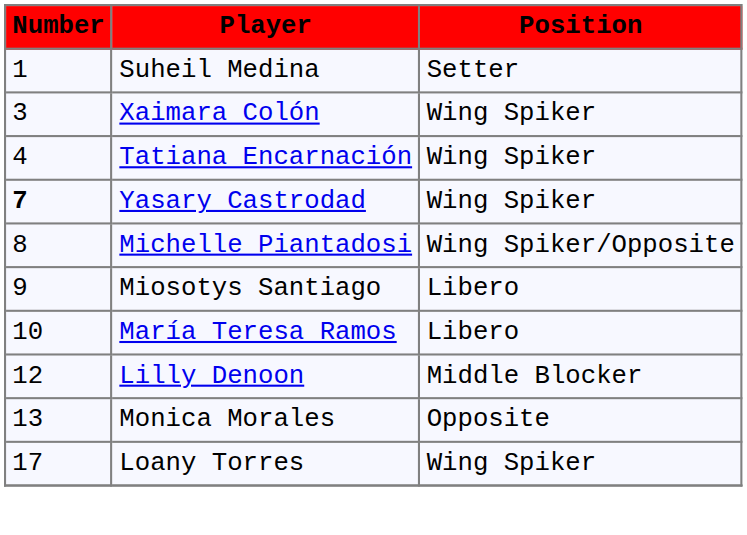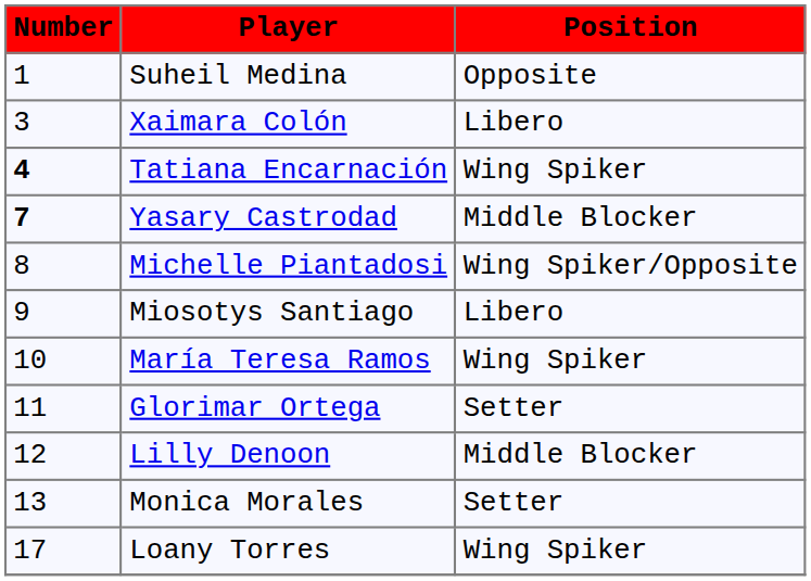 <table bgcolor="#f7f8ff" cellpadding="3" cellspacing="0" border="1" style="font-size: 95%; border: gray solid 1px; border-collapse: collapse;">
 <tr bgcolor="#ff0000">
 <td align=center><strong>Number</strong></td>
 <td align=center><strong>Player</strong></td>
 <td align=center><strong>Position</strong></td>
 </tr>
 <tr align="left">
 <td>1</td>
 <td> Suheil Medina</td>
-<td>Setter</td>
+<td>Opposite</td>
 </tr>
 <tr align="left">
 <td>3</td>
 <td> <a href='#'>Xaimara Colón</a></td>
-<td>Wing Spiker</td>
+<td>Libero</td>
 </tr>
 <tr align="left">
-<td>4</td>
+<td><strong>4</strong></td>
 <td> <a href='#'>Tatiana Encarnación</a></td>
 <td>Wing Spiker</td>
 </tr>
 <tr align="left">
 <td><strong>7</strong></td>
 <td> <a href='#'>Yasary Castrodad</a></td>
-<td>Wing Spiker</td>
+<td>Middle Blocker</td>
 </tr>
 <tr align="left">
 <td>8</td>
 <td> <a href='#'>Michelle Piantadosi</a></td>
 <td>Wing Spiker/Opposite</td>
 </tr>
 <tr align="left">
 <td>9</td>
 <td> Miosotys Santiago</td>
 <td>Libero</td>
 </tr>
 <tr align="left">
 <td>10</td>
 <td> <a href='#'>María Teresa Ramos</a></td>
-<td>Libero</td>
+<td>Wing Spiker</td>
+</tr>
+<tr align="left">
+<td>11</td>
+<td> <a href='#'>Glorimar Ortega</a></td>
+<td>Setter</td>
 </tr>
 <tr align="left">
 <td>12</td>
 <td> <a href='#'>Lilly Denoon</a></td>
 <td>Middle Blocker</td>
 </tr>
 <tr align="left">
 <td>13</td>
 <td> Monica Morales</td>
-<td>Opposite</td>
+<td>Setter</td>
 </tr>
 <tr align="left">
 <td>17</td>
 <td> Loany Torres</td>
 <td>Wing Spiker</td>
 </tr>
 <tr align="left">
 </tr>
 </table>
